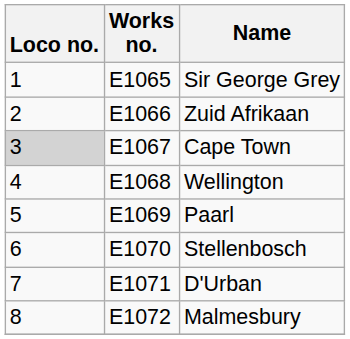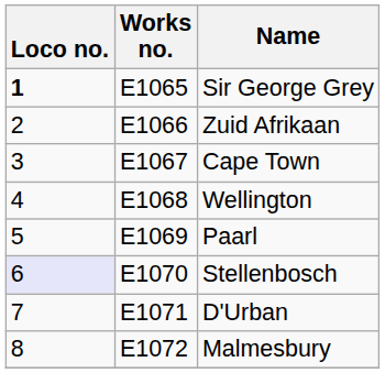 <table class="wikitable collapsible collapsed sortable" style="margin:0.5em auto; font-size:100%;">
 <tr>
 <th><br>Loco no.</th>
 <th>Works<br>no.</th>
 <th>Name</th>
 </tr>
 <tr>
-<td>1</td>
+<td><strong>1</strong></td>
 <td>E1065</td>
 <td>Sir George Grey</td>
 </tr>
 <tr>
 <td>2</td>
 <td>E1066</td>
 <td>Zuid Afrikaan</td>
 </tr>
 <tr>
-<td style="background: lightgrey;">3</td>
+<td>3</td>
 <td>E1067</td>
 <td>Cape Town</td>
 </tr>
 <tr>
 <td>4</td>
 <td>E1068</td>
 <td>Wellington</td>
 </tr>
 <tr>
 <td>5</td>
 <td>E1069</td>
 <td>Paarl</td>
 </tr>
 <tr>
-<td>6</td>
+<td style="background: lavender;">6</td>
 <td>E1070</td>
 <td>Stellenbosch</td>
 </tr>
 <tr>
 <td>7</td>
 <td>E1071</td>
 <td>D'Urban</td>
 </tr>
 <tr>
 <td>8</td>
 <td>E1072</td>
 <td>Malmesbury</td>
 </tr>
 <tr>
 </tr>
 </table>
